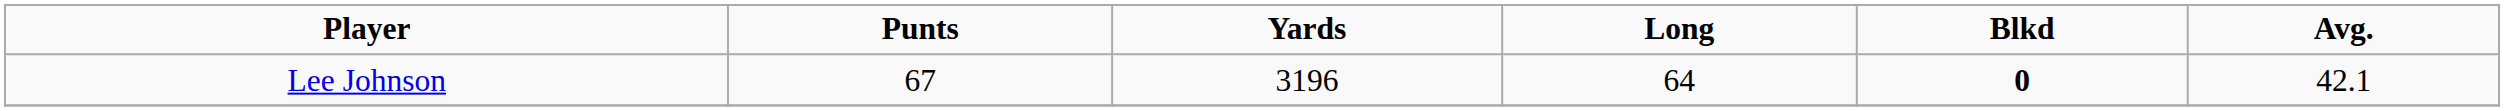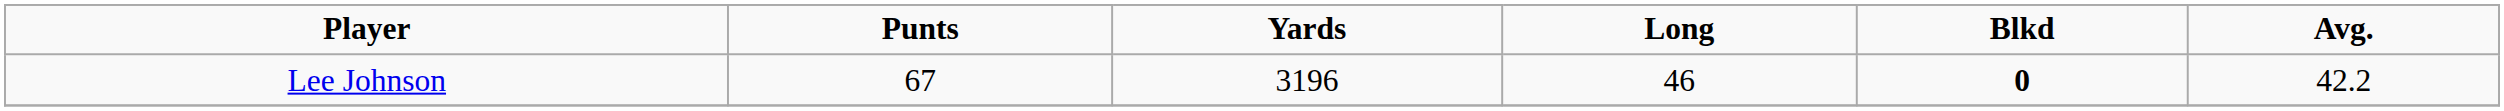 <table class="wikitable" width="80%">
 <tr align="center">
 <td><strong>Player</strong></td>
 <td><strong>Punts</strong></td>
 <td><strong>Yards</strong></td>
 <td><strong>Long</strong></td>
 <td><strong>Blkd</strong></td>
 <td><strong>Avg.</strong></td>
 </tr>
 <tr align="center" bgcolor="">
 <td><a href='#'>Lee Johnson</a></td>
 <td>67</td>
 <td>3196</td>
-<td>64</td>
+<td>46</td>
 <td><strong>0</strong></td>
-<td>42.1</td>
+<td>42.2</td>
 </tr>
 <tr align="center" bgcolor="">
 </tr>
 </table>
